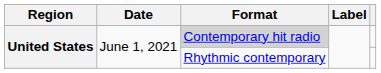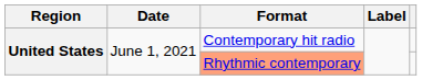 <table class="wikitable plainrowheaders">
 <tr>
 <th scope="col">Region</th>
 <th scope="col">Date</th>
 <th scope="col">Format</th>
 <th scope="col">Label</th>
 <th scope="col"></th>
 </tr>
 <tr>
 <th scope="row" rowspan="2">United States</th>
 <td rowspan="2">June 1, 2021</td>
-<td style="background: lightgrey;"><a href='#'>Contemporary hit radio</a></td>
+<td><a href='#'>Contemporary hit radio</a></td>
 <td rowspan="2"></td>
 <td></td>
 </tr>
 <tr>
-<td><a href='#'>Rhythmic contemporary</a></td>
+<td style="background: lightsalmon;"><a href='#'>Rhythmic contemporary</a></td>
 <td style="text-align: center;"></td>
 </tr>
 </table>
